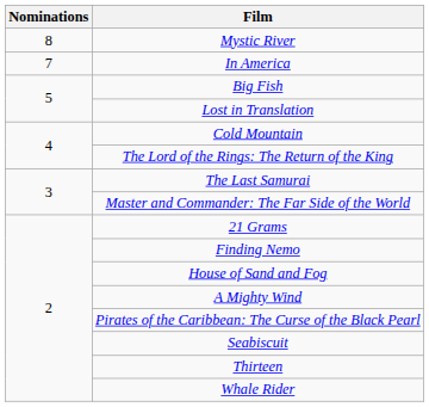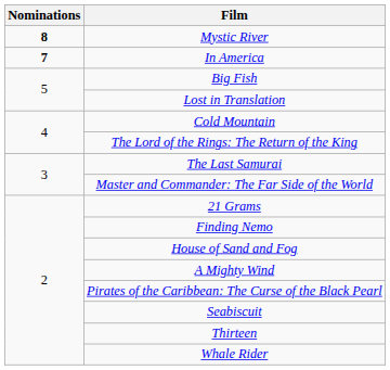 <table class="wikitable" rowspan="2" style="text-align:center;" background: #f6e39c;>
 <tr>
 <th scope="col" style="width:55px;">Nominations</th>
 <th scope="col" style="text-align:center;">Film</th>
 </tr>
 <tr>
-<td>8</td>
+<td><strong>8</strong></td>
 <td><em><a href='#'>Mystic River</a></em></td>
 </tr>
 <tr>
-<td>7</td>
+<td><strong>7</strong></td>
 <td><em><a href='#'>In America</a></em></td>
 </tr>
 <tr>
 <td rowspan="2">5</td>
 <td><em><a href='#'>Big Fish</a></em></td>
 </tr>
 <tr>
 <td><em><a href='#'>Lost in Translation</a></em></td>
 </tr>
 <tr>
 <td rowspan="2">4</td>
 <td><em><a href='#'>Cold Mountain</a></em></td>
 </tr>
 <tr>
 <td><em><a href='#'>The Lord of the Rings: The Return of the King</a></em></td>
 </tr>
 <tr>
 <td rowspan="2">3</td>
 <td><em><a href='#'>The Last Samurai</a></em></td>
 </tr>
 <tr>
 <td><em><a href='#'>Master and Commander: The Far Side of the World</a></em></td>
 </tr>
 <tr>
 <td rowspan="8">2</td>
 <td><em><a href='#'>21 Grams</a></em></td>
 </tr>
 <tr>
 <td><em><a href='#'>Finding Nemo</a></em></td>
 </tr>
 <tr>
 <td><em><a href='#'>House of Sand and Fog</a></em></td>
 </tr>
 <tr>
 <td><em><a href='#'>A Mighty Wind</a></em></td>
 </tr>
 <tr>
 <td><em><a href='#'>Pirates of the Caribbean: The Curse of the Black Pearl</a></em></td>
 </tr>
 <tr>
 <td><em><a href='#'>Seabiscuit</a></em></td>
 </tr>
 <tr>
 <td><em><a href='#'>Thirteen</a></em></td>
 </tr>
 <tr>
 <td><em><a href='#'>Whale Rider</a></em></td>
 </tr>
 </table>
